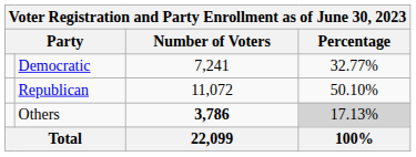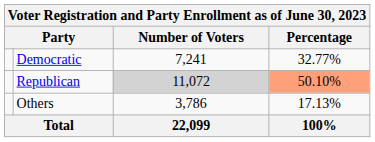 <table class=wikitable>
 <tr>
 <th colspan = 6>Voter Registration and Party Enrollment as of June 30, 2023</th>
 </tr>
 <tr>
 <th colspan = 2>Party</th>
 <th>Number of Voters</th>
 <th>Percentage</th>
 </tr>
 <tr>
 <td></td>
 <td><a href='#'>Democratic</a></td>
 <td align = center>7,241</td>
 <td align = center>32.77%</td>
 </tr>
 <tr>
 <td></td>
 <td><a href='#'>Republican</a></td>
-<td align = center>11,072</td>
-<td align = center>50.10%</td>
+<td align = center style="background: lightgrey;">11,072</td>
+<td align = center style="background: lightsalmon;">50.10%</td>
 </tr>
 <tr>
 <td></td>
 <td>Others</td>
-<td align = center><strong>3,786</strong></td>
-<td align = center style="background: lightgrey;">17.13%</td>
+<td align = center>3,786</td>
+<td align = center>17.13%</td>
 </tr>
 <tr>
 <th colspan = 2>Total</th>
 <th align = center>22,099</th>
 <th align = center>100%</th>
 </tr>
 </table>
